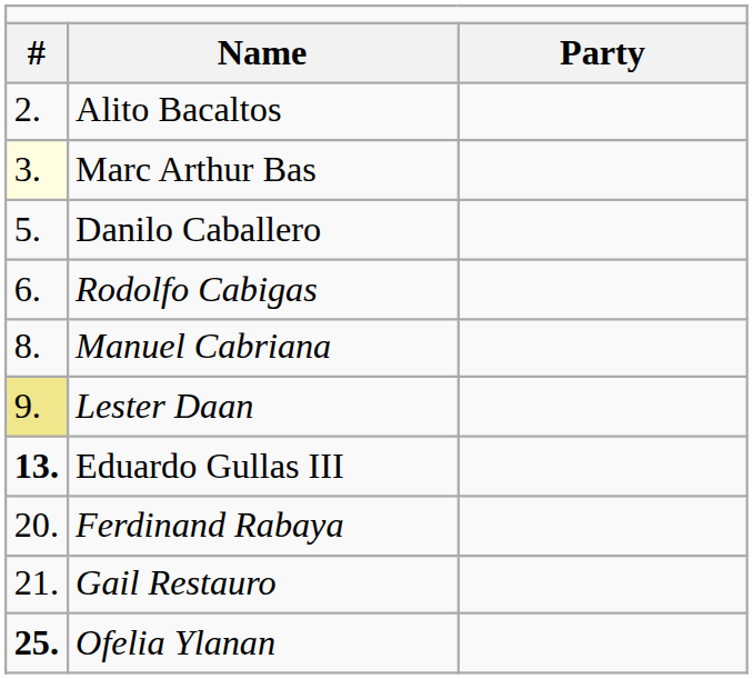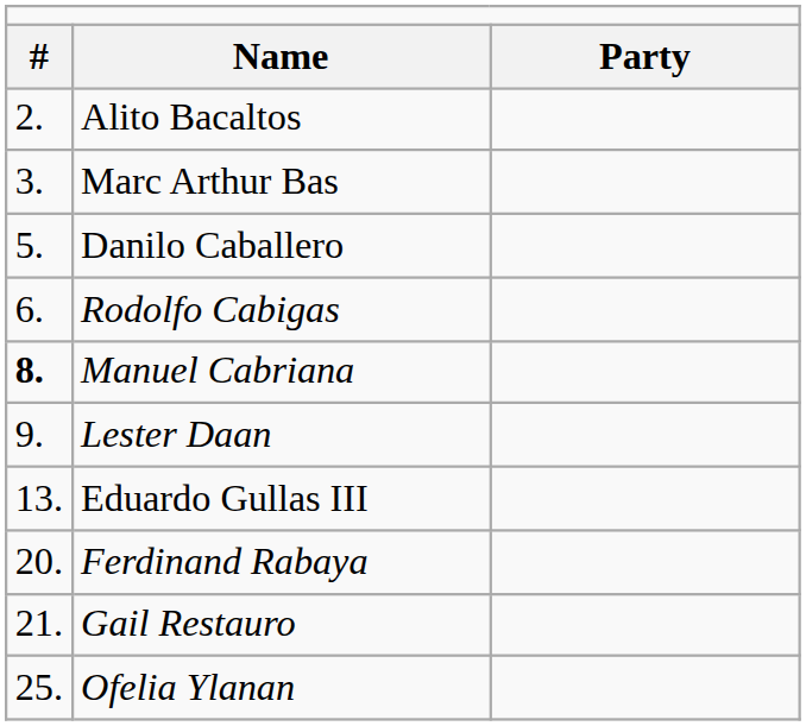 <table class=wikitable style="font-size:90%">
 <tr>
 <td colspan=4 bgcolor=></td>
 </tr>
 <tr>
 <th>#</th>
 <th width=150px>Name</th>
 <th colspan=2 width=110px>Party</th>
 </tr>
 <tr>
 <td>2.</td>
 <td>Alito Bacaltos</td>
 <td></td>
 </tr>
 <tr>
-<td style="background: lightyellow;">3.</td>
+<td>3.</td>
 <td>Marc Arthur Bas</td>
 <td></td>
 </tr>
 <tr>
 <td>5.</td>
 <td>Danilo Caballero</td>
 <td></td>
 </tr>
 <tr>
 <td>6.</td>
 <td><em>Rodolfo Cabigas</em></td>
 <td></td>
 </tr>
 <tr>
-<td>8.</td>
+<td><strong>8.</strong></td>
 <td><em>Manuel Cabriana</em></td>
 <td></td>
 </tr>
 <tr>
-<td style="background: khaki;">9.</td>
+<td>9.</td>
 <td><em>Lester Daan</em></td>
 <td></td>
 </tr>
 <tr>
-<td><strong>13.</strong></td>
+<td>13.</td>
 <td>Eduardo Gullas III</td>
 <td></td>
 </tr>
 <tr>
 <td>20.</td>
 <td><em>Ferdinand Rabaya</em></td>
 <td></td>
 </tr>
 <tr>
 <td>21.</td>
 <td><em>Gail Restauro</em></td>
 <td></td>
 </tr>
 <tr>
-<td><strong>25.</strong></td>
+<td>25.</td>
 <td><em>Ofelia Ylanan</em></td>
 <td></td>
 </tr>
 </table>
